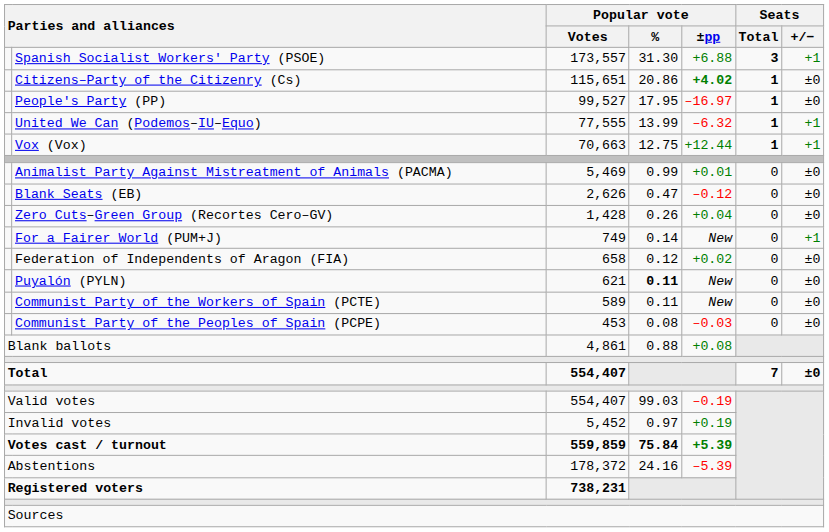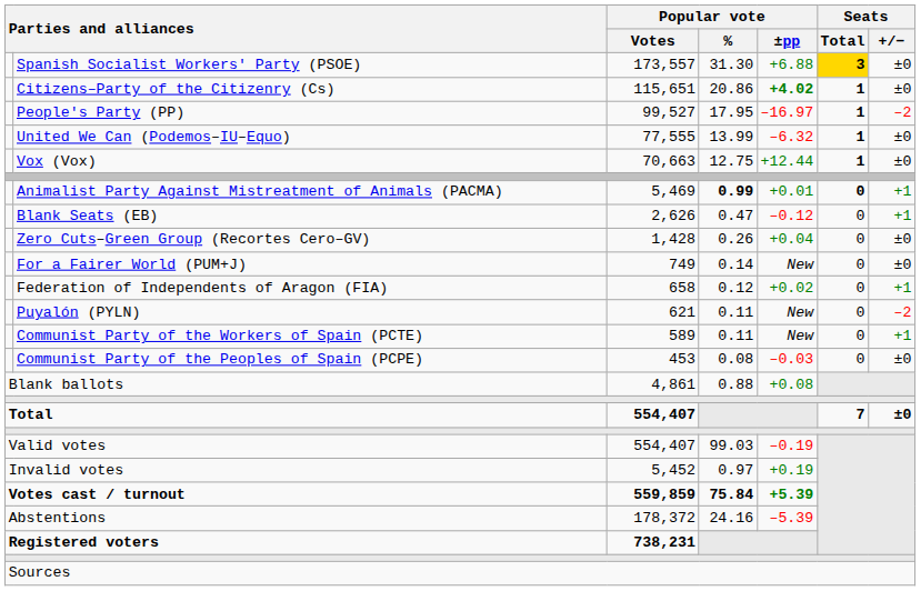 <table class="wikitable" style="text-align:right;">
 <tr>
 <th style="text-align:left;" rowspan="2" colspan="2" width="525">Parties and alliances</th>
 <th colspan="3">Popular vote</th>
 <th colspan="2">Seats</th>
 </tr>
 <tr>
 <th width="75">Votes</th>
 <th width="45">%</th>
 <th width="45">±<a href='#'>pp</a></th>
 <th width="35">Total</th>
 <th width="35">+/−</th>
 </tr>
 <tr>
 <td width="1" style="color:inherit;background:"></td>
 <td align="left"><a href='#'>Spanish Socialist Workers' Party</a> (PSOE)</td>
 <td>173,557</td>
 <td>31.30</td>
 <td style="color:green;">+6.88</td>
-<td><strong>3</strong></td>
-<td style="color:green;">+1</td>
+<td style="background: gold;"><strong>3</strong></td>
+<td>±0</td>
 </tr>
 <tr>
 <td style="color:inherit;background:"></td>
 <td align="left"><a href='#'>Citizens–Party of the Citizenry</a> (Cs)</td>
 <td>115,651</td>
 <td>20.86</td>
 <td style="color:green;"><strong>+4.02</strong></td>
 <td><strong>1</strong></td>
 <td>±0</td>
 </tr>
 <tr>
 <td style="color:inherit;background:"></td>
 <td align="left"><a href='#'>People's Party</a> (PP)</td>
 <td>99,527</td>
 <td>17.95</td>
 <td style="color:red;">–16.97</td>
 <td><strong>1</strong></td>
-<td>±0</td>
+<td style="color:red;">–2</td>
 </tr>
 <tr>
 <td style="color:inherit;background:"></td>
 <td align="left"><a href='#'>United We Can</a> (<a href='#'>Podemos</a>–<a href='#'>IU</a>–<a href='#'>Equo</a>)</td>
 <td>77,555</td>
 <td>13.99</td>
 <td style="color:red;">–6.32</td>
 <td><strong>1</strong></td>
-<td style="color:green;">+1</td>
+<td>±0</td>
 </tr>
 <tr>
 <td style="color:inherit;background:"></td>
 <td align="left"><a href='#'>Vox</a> (Vox)</td>
 <td>70,663</td>
 <td>12.75</td>
 <td style="color:green;">+12.44</td>
 <td><strong>1</strong></td>
-<td style="color:green;">+1</td>
+<td>±0</td>
 </tr>
 <tr>
 <td colspan="7" bgcolor="#C0C0C0"></td>
 </tr>
 <tr>
 <td style="color:inherit;background:"></td>
 <td align="left"><a href='#'>Animalist Party Against Mistreatment of Animals</a> (PACMA)</td>
 <td>5,469</td>
-<td>0.99</td>
+<td><strong>0.99</strong></td>
 <td style="color:green;">+0.01</td>
-<td>0</td>
-<td>±0</td>
+<td><strong>0</strong></td>
+<td style="color:green;">+1</td>
 </tr>
 <tr>
 <td style="color:inherit;background:"></td>
 <td align="left"><a href='#'>Blank Seats</a> (EB)</td>
 <td>2,626</td>
 <td>0.47</td>
 <td style="color:red;">–0.12</td>
 <td>0</td>
-<td>±0</td>
+<td style="color:green;">+1</td>
 </tr>
 <tr>
 <td style="color:inherit;background:"></td>
 <td align="left"><a href='#'>Zero Cuts</a>–<a href='#'>Green Group</a> (Recortes Cero–GV)</td>
 <td>1,428</td>
 <td>0.26</td>
 <td style="color:green;">+0.04</td>
 <td>0</td>
 <td>±0</td>
 </tr>
 <tr>
 <td style="color:inherit;background:"></td>
 <td align="left"><a href='#'>For a Fairer World</a> (PUM+J)</td>
 <td>749</td>
 <td>0.14</td>
 <td><em>New</em></td>
 <td>0</td>
-<td style="color:green;">+1</td>
+<td>±0</td>
 </tr>
 <tr>
 <td style="color:inherit;background:"></td>
 <td align="left">Federation of Independents of Aragon (FIA)</td>
 <td>658</td>
 <td>0.12</td>
 <td style="color:green;">+0.02</td>
 <td>0</td>
-<td>±0</td>
+<td style="color:green;">+1</td>
 </tr>
 <tr>
 <td style="color:inherit;background:"></td>
 <td align="left"><a href='#'>Puyalón</a> (PYLN)</td>
 <td>621</td>
-<td><strong>0.11</strong></td>
+<td>0.11</td>
 <td><em>New</em></td>
 <td>0</td>
-<td>±0</td>
+<td style="color:red;">–2</td>
 </tr>
 <tr>
 <td style="color:inherit;background:"></td>
 <td align="left"><a href='#'>Communist Party of the Workers of Spain</a> (PCTE)</td>
 <td>589</td>
 <td>0.11</td>
 <td><em>New</em></td>
 <td>0</td>
-<td>±0</td>
+<td style="color:green;">+1</td>
 </tr>
 <tr>
 <td style="color:inherit;background:"></td>
 <td align="left"><a href='#'>Communist Party of the Peoples of Spain</a> (PCPE)</td>
 <td>453</td>
 <td>0.08</td>
 <td style="color:red;">–0.03</td>
 <td>0</td>
 <td>±0</td>
 </tr>
 <tr>
 <td align="left" colspan="2">Blank ballots</td>
 <td>4,861</td>
 <td>0.88</td>
 <td style="color:green;">+0.08</td>
 <td bgcolor="#E9E9E9" colspan="2"></td>
 </tr>
 <tr>
 <td colspan="7" bgcolor="#E9E9E9"></td>
 </tr>
 <tr style="font-weight:bold;">
 <td align="left" colspan="2">Total</td>
 <td>554,407</td>
 <td bgcolor="#E9E9E9" colspan="2"></td>
 <td>7</td>
 <td>±0</td>
 </tr>
 <tr>
 <td colspan="7" bgcolor="#E9E9E9"></td>
 </tr>
 <tr>
 <td align="left" colspan="2">Valid votes</td>
 <td>554,407</td>
 <td>99.03</td>
 <td style="color:red;">–0.19</td>
 <td bgcolor="#E9E9E9" colspan="2" rowspan="5"></td>
 </tr>
 <tr>
 <td align="left" colspan="2">Invalid votes</td>
 <td>5,452</td>
 <td>0.97</td>
 <td style="color:green;">+0.19</td>
 </tr>
 <tr style="font-weight:bold;">
 <td align="left" colspan="2">Votes cast / turnout</td>
 <td>559,859</td>
 <td>75.84</td>
 <td style="color:green;">+5.39</td>
 </tr>
 <tr>
 <td align="left" colspan="2">Abstentions</td>
 <td>178,372</td>
 <td>24.16</td>
 <td style="color:red;">–5.39</td>
 </tr>
 <tr style="font-weight:bold;">
 <td align="left" colspan="2">Registered voters</td>
 <td>738,231</td>
 <td bgcolor="#E9E9E9" colspan="2"></td>
 </tr>
 <tr>
 <td colspan="7" bgcolor="#E9E9E9"></td>
 </tr>
 <tr>
 <td align="left" colspan="7">Sources</td>
 </tr>
 </table>
